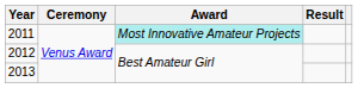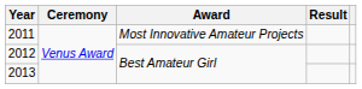 <table class="wikitable">
 <tr>
 <th>Year</th>
 <th>Ceremony</th>
 <th>Award</th>
 <th>Result</th>
 <th></th>
 </tr>
 <tr>
 <td>2011</td>
 <td rowspan="3"><em><a href='#'>Venus Award</a></em></td>
-<td style="background: paleturquoise;"><em>Most Innovative Amateur Projects</em></td>
+<td><em>Most Innovative Amateur Projects</em></td>
 <td></td>
 <td></td>
 </tr>
 <tr>
 <td>2012</td>
 <td rowspan="2"><em>Best Amateur Girl</em></td>
 <td></td>
 <td></td>
 </tr>
 <tr>
 <td>2013</td>
 <td></td>
 <td></td>
 </tr>
 </table>
